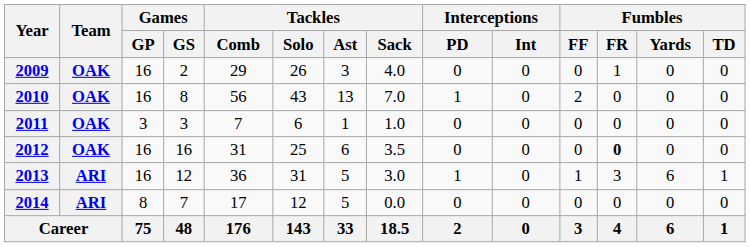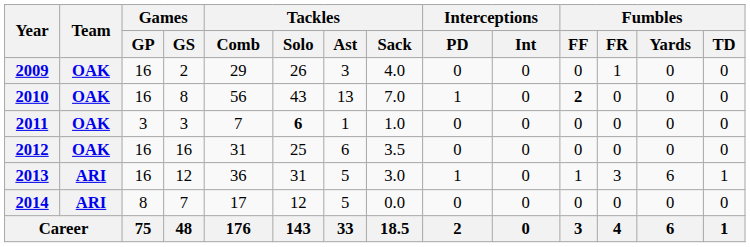 <table class= "wikitable" float="left" border="1" style="text-align:center; width:45%;">
 <tr>
 <th rowspan="2">Year</th>
 <th rowspan="2">Team</th>
 <th colspan="2">Games</th>
 <th colspan="4">Tackles</th>
 <th colspan="2">Interceptions</th>
 <th colspan="4">Fumbles</th>
 </tr>
 <tr>
 <th>GP</th>
 <th>GS</th>
 <th>Comb</th>
 <th>Solo</th>
 <th>Ast</th>
 <th>Sack</th>
 <th>PD</th>
 <th>Int</th>
 <th>FF</th>
 <th>FR</th>
 <th>Yards</th>
 <th>TD</th>
 </tr>
 <tr>
 <th><a href='#'>2009</a></th>
 <th><a href='#'>OAK</a></th>
 <td>16</td>
 <td>2</td>
 <td>29</td>
 <td>26</td>
 <td>3</td>
 <td>4.0</td>
 <td>0</td>
 <td>0</td>
 <td>0</td>
 <td>1</td>
 <td>0</td>
 <td>0</td>
 </tr>
 <tr>
 <th><a href='#'>2010</a></th>
 <th><a href='#'>OAK</a></th>
 <td>16</td>
 <td>8</td>
 <td>56</td>
 <td>43</td>
 <td>13</td>
 <td>7.0</td>
 <td>1</td>
 <td>0</td>
-<td>2</td>
+<td><strong>2</strong></td>
 <td>0</td>
 <td>0</td>
 <td>0</td>
 </tr>
 <tr>
 <th><a href='#'>2011</a></th>
 <th><a href='#'>OAK</a></th>
 <td>3</td>
 <td>3</td>
 <td>7</td>
-<td>6</td>
+<td><strong>6</strong></td>
 <td>1</td>
 <td>1.0</td>
 <td>0</td>
 <td>0</td>
 <td>0</td>
 <td>0</td>
 <td>0</td>
 <td>0</td>
 </tr>
 <tr>
 <th><a href='#'>2012</a></th>
 <th><a href='#'>OAK</a></th>
 <td>16</td>
 <td>16</td>
 <td>31</td>
 <td>25</td>
 <td>6</td>
 <td>3.5</td>
 <td>0</td>
 <td>0</td>
 <td>0</td>
-<td><strong>0</strong></td>
+<td>0</td>
 <td>0</td>
 <td>0</td>
 </tr>
 <tr>
 <th><a href='#'>2013</a></th>
 <th><a href='#'>ARI</a></th>
 <td>16</td>
 <td>12</td>
 <td>36</td>
 <td>31</td>
 <td>5</td>
 <td>3.0</td>
 <td>1</td>
 <td>0</td>
 <td>1</td>
 <td>3</td>
 <td>6</td>
 <td>1</td>
 </tr>
 <tr>
 <th><a href='#'>2014</a></th>
 <th><a href='#'>ARI</a></th>
 <td>8</td>
 <td>7</td>
 <td>17</td>
 <td>12</td>
 <td>5</td>
 <td>0.0</td>
 <td>0</td>
 <td>0</td>
 <td>0</td>
 <td>0</td>
 <td>0</td>
 <td>0</td>
 </tr>
 <tr>
 <th colspan="2">Career</th>
 <th>75</th>
 <th>48</th>
 <th>176</th>
 <th>143</th>
 <th>33</th>
 <th>18.5</th>
 <th>2</th>
 <th>0</th>
 <th>3</th>
 <th>4</th>
 <th>6</th>
 <th>1</th>
 </tr>
 </table>
